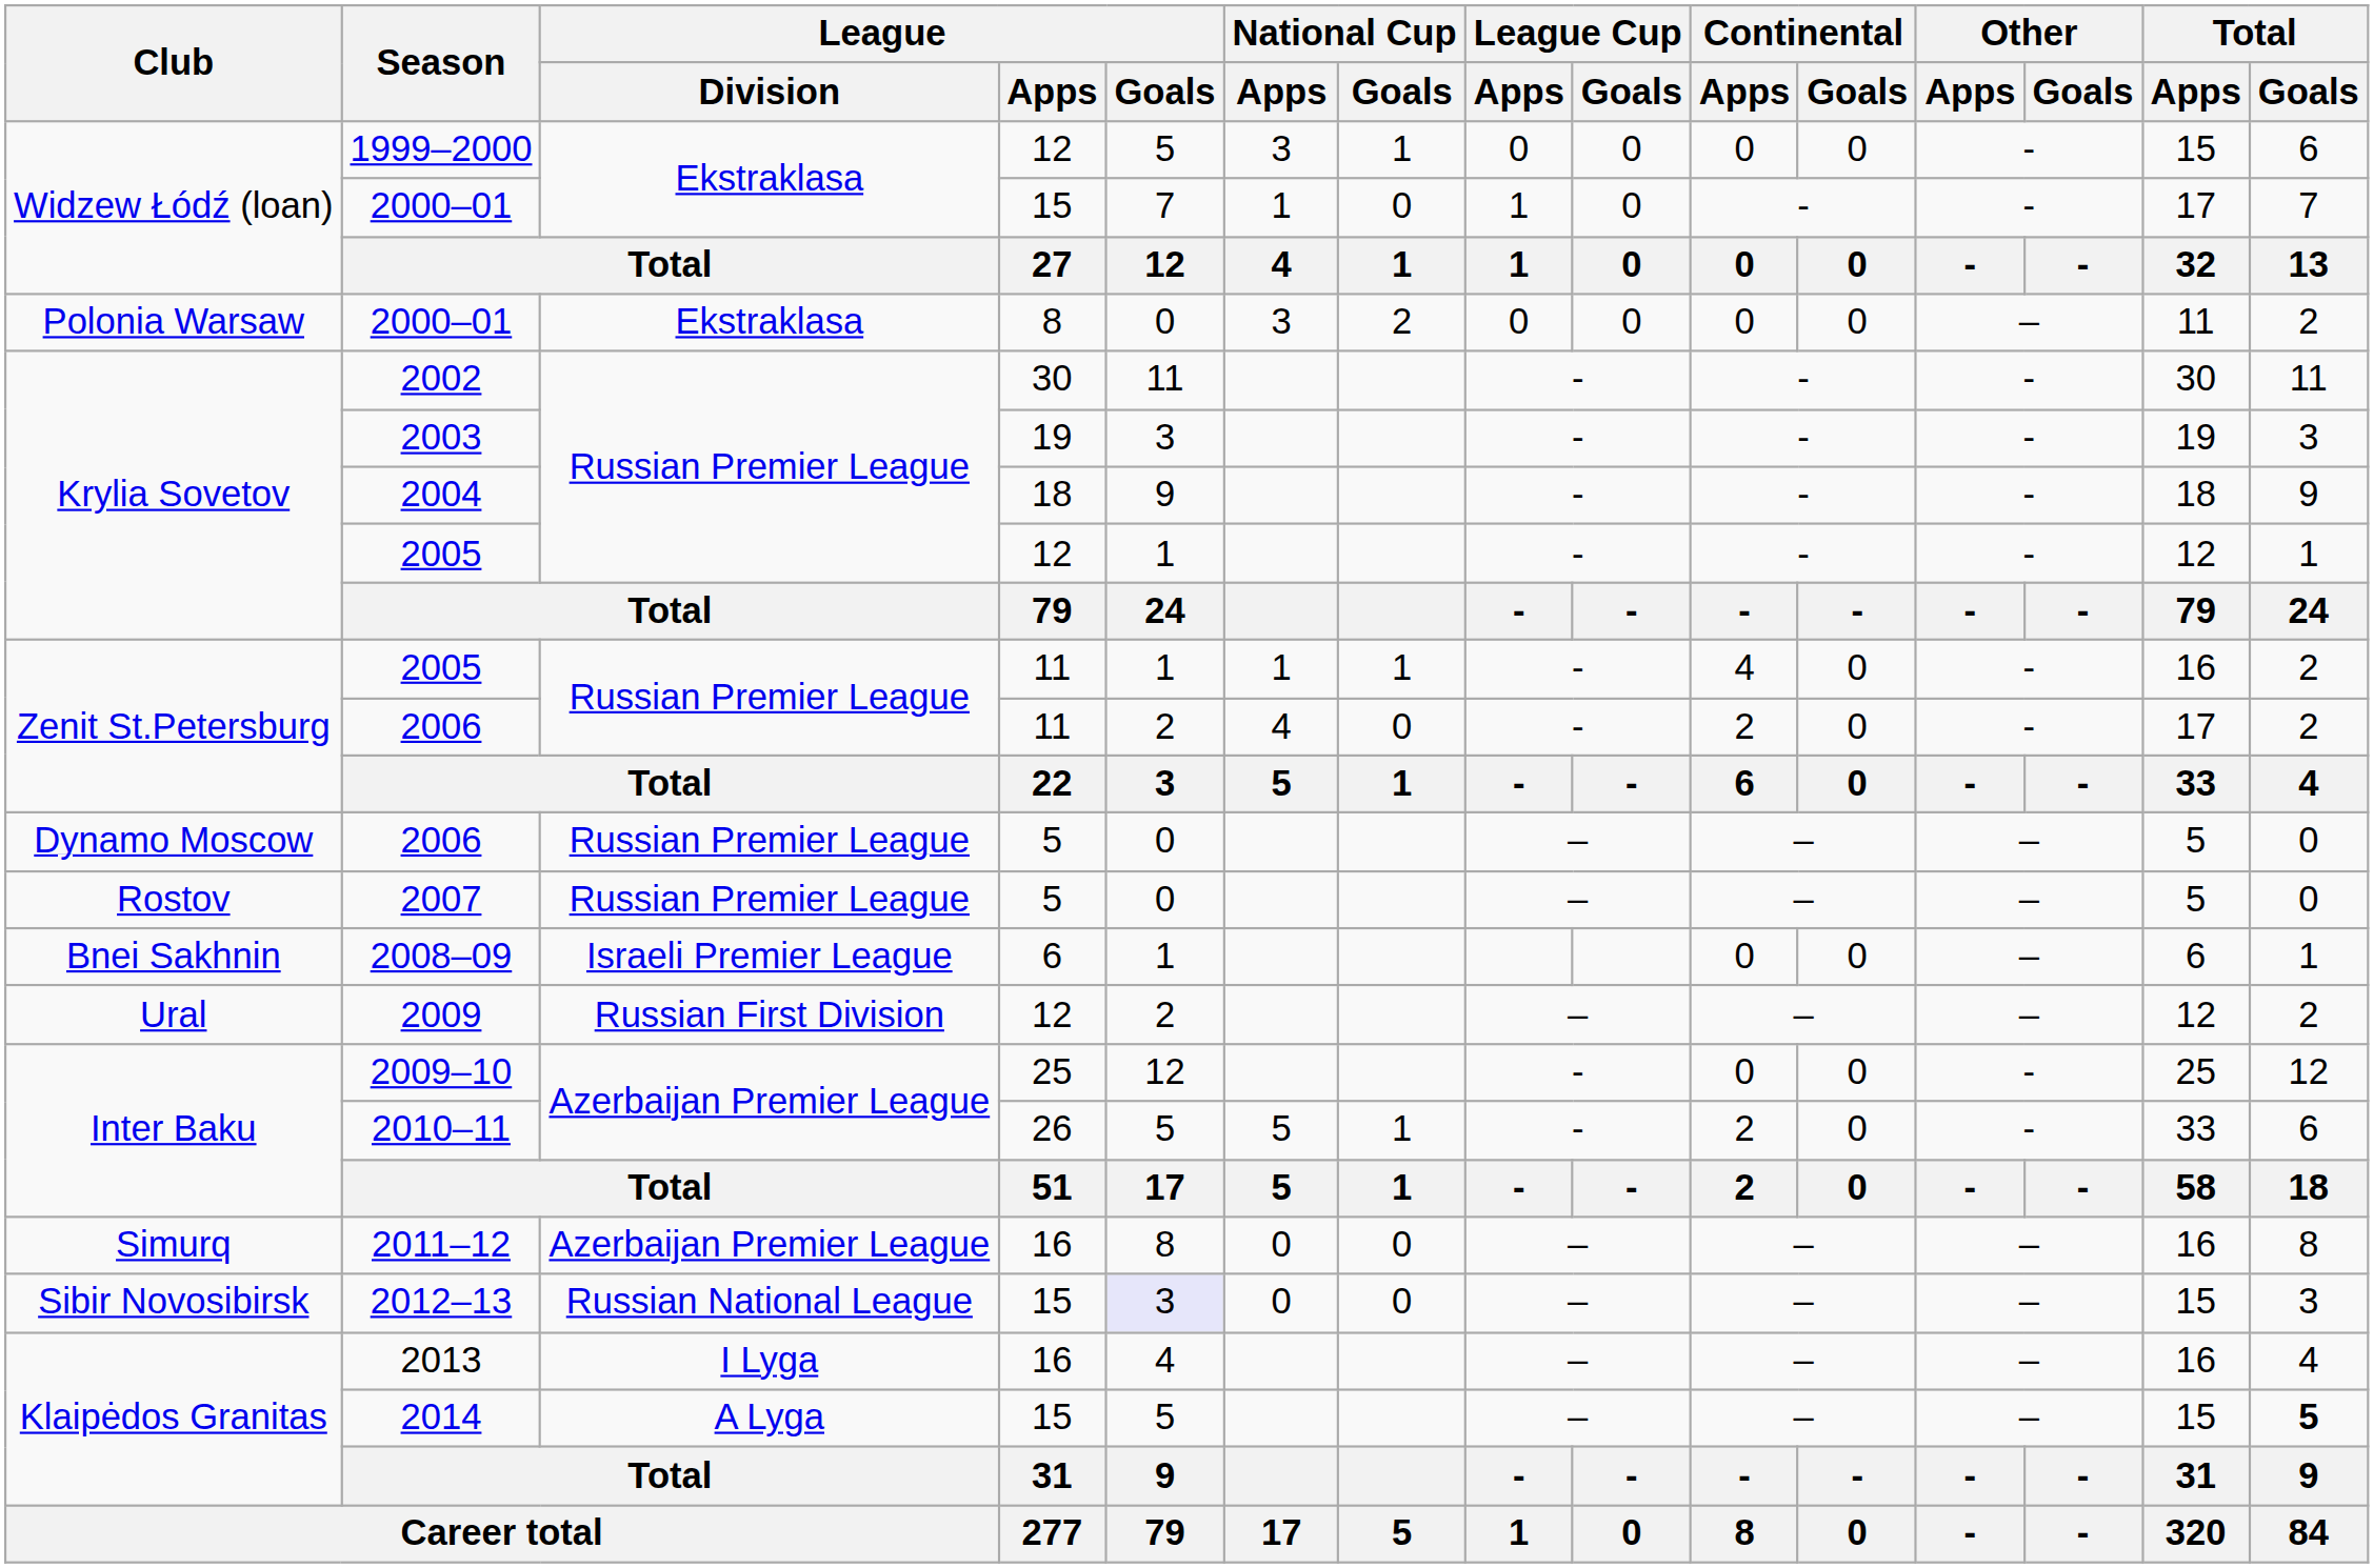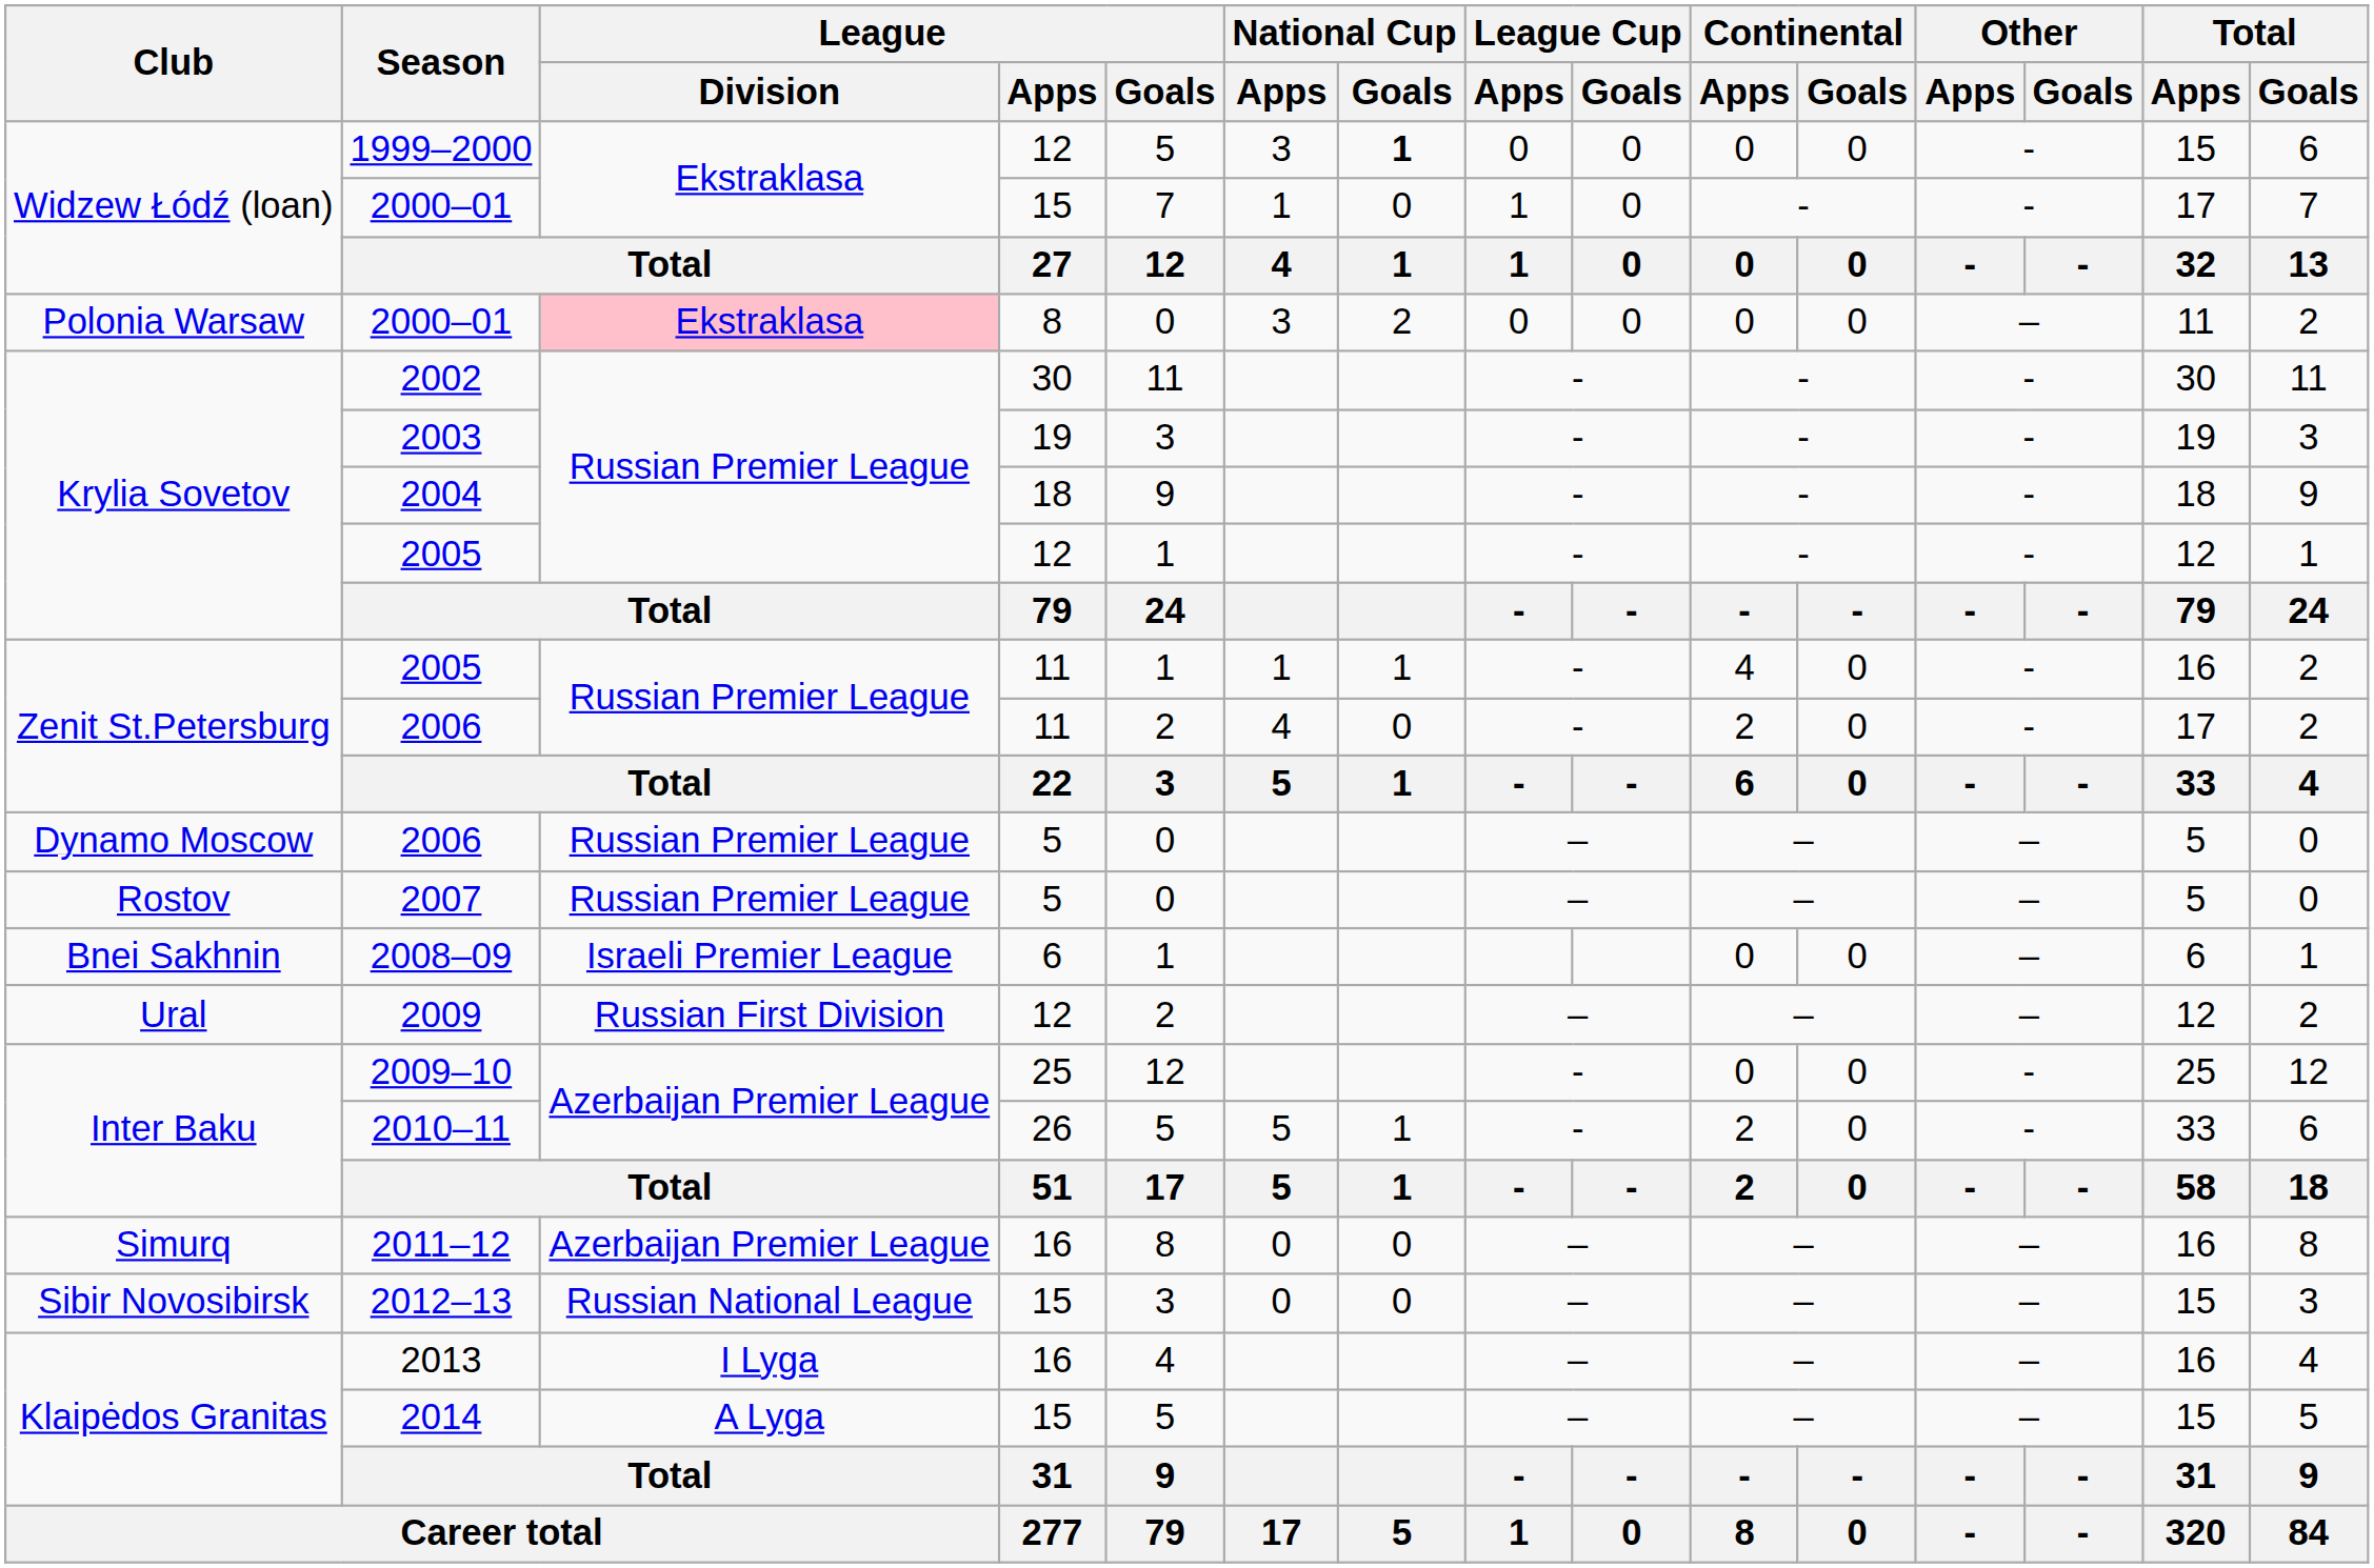 <table class="wikitable" style="text-align: center;">
 <tr>
 <th rowspan="2">Club</th>
 <th rowspan="2">Season</th>
 <th colspan="3">League</th>
 <th colspan="2">National Cup</th>
 <th colspan="2">League Cup</th>
 <th colspan="2">Continental</th>
 <th colspan="2">Other</th>
 <th colspan="2">Total</th>
 </tr>
 <tr>
 <th>Division</th>
 <th>Apps</th>
 <th>Goals</th>
 <th>Apps</th>
 <th>Goals</th>
 <th>Apps</th>
 <th>Goals</th>
 <th>Apps</th>
 <th>Goals</th>
 <th>Apps</th>
 <th>Goals</th>
 <th>Apps</th>
 <th>Goals</th>
 </tr>
 <tr>
 <td rowspan="3" valign="center"><a href='#'>Widzew Łódź</a> (loan)</td>
 <td><a href='#'>1999–2000</a></td>
 <td rowspan="2" valign="center"><a href='#'>Ekstraklasa</a></td>
 <td>12</td>
 <td>5</td>
 <td>3</td>
-<td>1</td>
+<td><strong>1</strong></td>
 <td>0</td>
 <td>0</td>
 <td>0</td>
 <td>0</td>
 <td colspan="2">-</td>
 <td>15</td>
 <td>6</td>
 </tr>
 <tr>
 <td><a href='#'>2000–01</a></td>
 <td>15</td>
 <td>7</td>
 <td>1</td>
 <td>0</td>
 <td>1</td>
 <td>0</td>
 <td colspan="2">-</td>
 <td colspan="2">-</td>
 <td>17</td>
 <td>7</td>
 </tr>
 <tr>
 <th colspan="2">Total</th>
 <th>27</th>
 <th>12</th>
 <th>4</th>
 <th>1</th>
 <th>1</th>
 <th>0</th>
 <th>0</th>
 <th>0</th>
 <th>-</th>
 <th>-</th>
 <th>32</th>
 <th>13</th>
 </tr>
 <tr>
 <td valign="center"><a href='#'>Polonia Warsaw</a></td>
 <td><a href='#'>2000–01</a></td>
-<td><a href='#'>Ekstraklasa</a></td>
+<td style="background: pink;"><a href='#'>Ekstraklasa</a></td>
 <td>8</td>
 <td>0</td>
 <td>3</td>
 <td>2</td>
 <td>0</td>
 <td>0</td>
 <td>0</td>
 <td>0</td>
 <td colspan="2">–</td>
 <td>11</td>
 <td>2</td>
 </tr>
 <tr>
 <td rowspan="5" valign="center"><a href='#'>Krylia Sovetov</a></td>
 <td><a href='#'>2002</a></td>
 <td rowspan="4" valign="center"><a href='#'>Russian Premier League</a></td>
 <td>30</td>
 <td>11</td>
 <td></td>
 <td></td>
 <td colspan="2">-</td>
 <td colspan="2">-</td>
 <td colspan="2">-</td>
 <td>30</td>
 <td>11</td>
 </tr>
 <tr>
 <td><a href='#'>2003</a></td>
 <td>19</td>
 <td>3</td>
 <td></td>
 <td></td>
 <td colspan="2">-</td>
 <td colspan="2">-</td>
 <td colspan="2">-</td>
 <td>19</td>
 <td>3</td>
 </tr>
 <tr>
 <td><a href='#'>2004</a></td>
 <td>18</td>
 <td>9</td>
 <td></td>
 <td></td>
 <td colspan="2">-</td>
 <td colspan="2">-</td>
 <td colspan="2">-</td>
 <td>18</td>
 <td>9</td>
 </tr>
 <tr>
 <td><a href='#'>2005</a></td>
 <td>12</td>
 <td>1</td>
 <td></td>
 <td></td>
 <td colspan="2">-</td>
 <td colspan="2">-</td>
 <td colspan="2">-</td>
 <td>12</td>
 <td>1</td>
 </tr>
 <tr>
 <th colspan="2">Total</th>
 <th>79</th>
 <th>24</th>
 <th></th>
 <th></th>
 <th>-</th>
 <th>-</th>
 <th>-</th>
 <th>-</th>
 <th>-</th>
 <th>-</th>
 <th>79</th>
 <th>24</th>
 </tr>
 <tr>
 <td rowspan="3" valign="center"><a href='#'>Zenit St.Petersburg</a></td>
 <td><a href='#'>2005</a></td>
 <td rowspan="2" valign="center"><a href='#'>Russian Premier League</a></td>
 <td>11</td>
 <td>1</td>
 <td>1</td>
 <td>1</td>
 <td colspan="2">-</td>
 <td>4</td>
 <td>0</td>
 <td colspan="2">-</td>
 <td>16</td>
 <td>2</td>
 </tr>
 <tr>
 <td><a href='#'>2006</a></td>
 <td>11</td>
 <td>2</td>
 <td>4</td>
 <td>0</td>
 <td colspan="2">-</td>
 <td>2</td>
 <td>0</td>
 <td colspan="2">-</td>
 <td>17</td>
 <td>2</td>
 </tr>
 <tr>
 <th colspan="2">Total</th>
 <th>22</th>
 <th>3</th>
 <th>5</th>
 <th>1</th>
 <th>-</th>
 <th>-</th>
 <th>6</th>
 <th>0</th>
 <th>-</th>
 <th>-</th>
 <th>33</th>
 <th>4</th>
 </tr>
 <tr>
 <td valign="center"><a href='#'>Dynamo Moscow</a></td>
 <td><a href='#'>2006</a></td>
 <td><a href='#'>Russian Premier League</a></td>
 <td>5</td>
 <td>0</td>
 <td></td>
 <td></td>
 <td colspan="2">–</td>
 <td colspan="2">–</td>
 <td colspan="2">–</td>
 <td>5</td>
 <td>0</td>
 </tr>
 <tr>
 <td valign="center"><a href='#'>Rostov</a></td>
 <td><a href='#'>2007</a></td>
 <td><a href='#'>Russian Premier League</a></td>
 <td>5</td>
 <td>0</td>
 <td></td>
 <td></td>
 <td colspan="2">–</td>
 <td colspan="2">–</td>
 <td colspan="2">–</td>
 <td>5</td>
 <td>0</td>
 </tr>
 <tr>
 <td valign="center"><a href='#'>Bnei Sakhnin</a></td>
 <td><a href='#'>2008–09</a></td>
 <td><a href='#'>Israeli Premier League</a></td>
 <td>6</td>
 <td>1</td>
 <td></td>
 <td></td>
 <td></td>
 <td></td>
 <td>0</td>
 <td>0</td>
 <td colspan="2">–</td>
 <td>6</td>
 <td>1</td>
 </tr>
 <tr>
 <td valign="center"><a href='#'>Ural</a></td>
 <td><a href='#'>2009</a></td>
 <td><a href='#'>Russian First Division</a></td>
 <td>12</td>
 <td>2</td>
 <td></td>
 <td></td>
 <td colspan="2">–</td>
 <td colspan="2">–</td>
 <td colspan="2">–</td>
 <td>12</td>
 <td>2</td>
 </tr>
 <tr>
 <td rowspan="3" valign="center"><a href='#'>Inter Baku</a></td>
 <td><a href='#'>2009–10</a></td>
 <td rowspan="2" valign="center"><a href='#'>Azerbaijan Premier League</a></td>
 <td>25</td>
 <td>12</td>
 <td></td>
 <td></td>
 <td colspan="2">-</td>
 <td>0</td>
 <td>0</td>
 <td colspan="2">-</td>
 <td>25</td>
 <td>12</td>
 </tr>
 <tr>
 <td><a href='#'>2010–11</a></td>
 <td>26</td>
 <td>5</td>
 <td>5</td>
 <td>1</td>
 <td colspan="2">-</td>
 <td>2</td>
 <td>0</td>
 <td colspan="2">-</td>
 <td>33</td>
 <td>6</td>
 </tr>
 <tr>
 <th colspan="2">Total</th>
 <th>51</th>
 <th>17</th>
 <th>5</th>
 <th>1</th>
 <th>-</th>
 <th>-</th>
 <th>2</th>
 <th>0</th>
 <th>-</th>
 <th>-</th>
 <th>58</th>
 <th>18</th>
 </tr>
 <tr>
 <td valign="center"><a href='#'>Simurq</a></td>
 <td><a href='#'>2011–12</a></td>
 <td><a href='#'>Azerbaijan Premier League</a></td>
 <td>16</td>
 <td>8</td>
 <td>0</td>
 <td>0</td>
 <td colspan="2">–</td>
 <td colspan="2">–</td>
 <td colspan="2">–</td>
 <td>16</td>
 <td>8</td>
 </tr>
 <tr>
 <td valign="center"><a href='#'>Sibir Novosibirsk</a></td>
 <td><a href='#'>2012–13</a></td>
 <td><a href='#'>Russian National League</a></td>
 <td>15</td>
-<td style="background: lavender;">3</td>
+<td>3</td>
 <td>0</td>
 <td>0</td>
 <td colspan="2">–</td>
 <td colspan="2">–</td>
 <td colspan="2">–</td>
 <td>15</td>
 <td>3</td>
 </tr>
 <tr>
 <td rowspan="3" valign="center"><a href='#'>Klaipėdos Granitas</a></td>
 <td>2013</td>
 <td><a href='#'>I Lyga</a></td>
 <td>16</td>
 <td>4</td>
 <td></td>
 <td></td>
 <td colspan="2">–</td>
 <td colspan="2">–</td>
 <td colspan="2">–</td>
 <td>16</td>
 <td>4</td>
 </tr>
 <tr>
 <td><a href='#'>2014</a></td>
 <td><a href='#'>A Lyga</a></td>
 <td>15</td>
 <td>5</td>
 <td></td>
 <td></td>
 <td colspan="2">–</td>
 <td colspan="2">–</td>
 <td colspan="2">–</td>
 <td>15</td>
-<td><strong>5</strong></td>
+<td>5</td>
 </tr>
 <tr>
 <th colspan="2">Total</th>
 <th>31</th>
 <th>9</th>
 <th></th>
 <th></th>
 <th>-</th>
 <th>-</th>
 <th>-</th>
 <th>-</th>
 <th>-</th>
 <th>-</th>
 <th>31</th>
 <th>9</th>
 </tr>
 <tr>
 <th colspan="3">Career total</th>
 <th>277</th>
 <th>79</th>
 <th>17</th>
 <th>5</th>
 <th>1</th>
 <th>0</th>
 <th>8</th>
 <th>0</th>
 <th>-</th>
 <th>-</th>
 <th>320</th>
 <th>84</th>
 </tr>
 </table>
